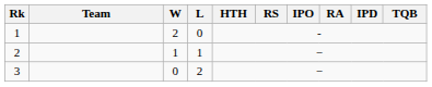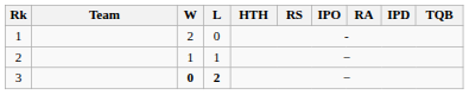 <table class=wikitable style=text-align:center>
 <tr>
 <th width=25>Rk</th>
 <th width=170>Team</th>
 <th width=25>W</th>
 <th width=25>L</th>
 <th width=50>HTH</th>
 <th width=35>RS</th>
 <th width=35>IPO</th>
 <th width=35>RA</th>
 <th width=35>IPD</th>
 <th width=50>TQB</th>
 </tr>
 <tr>
 <td>1</td>
 <td style="text-align:left;"></td>
 <td>2</td>
 <td>0</td>
 <td colspan="6" style="text-align: center;">-</td>
 </tr>
 <tr>
 <td>2</td>
 <td style="text-align:left;"></td>
 <td>1</td>
 <td>1</td>
 <td colspan="6" style="text-align: center;">−</td>
 </tr>
 <tr>
 <td>3</td>
 <td style="text-align:left;"></td>
-<td>0</td>
-<td>2</td>
+<td><strong>0</strong></td>
+<td><strong>2</strong></td>
 <td colspan="6" style="text-align: center;">−</td>
 </tr>
 </table>
